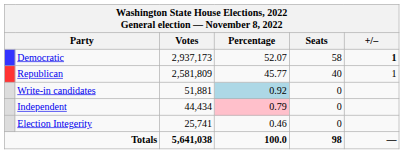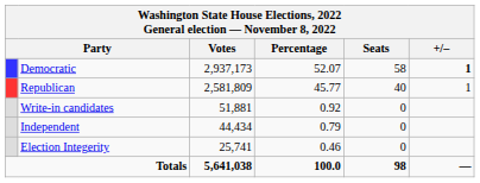 <table class="wikitable" style="font-size: 95%;">
 <tr>
 <th colspan="6">Washington State House Elections, 2022<br>General election — November 8, 2022</th>
 </tr>
 <tr>
 <th colspan="2" style="width: 15em">Party</th>
 <th style="width: 5em">Votes</th>
 <th style="width: 7em">Percentage</th>
 <th style="width: 5em">Seats</th>
 <th style="width: 5em">+/–</th>
 </tr>
 <tr>
 <th style="background-color:#3333FF; width: 3px"></th>
 <td style="width: 130px"><a href='#'>Democratic</a></td>
 <td align="right">2,937,173</td>
 <td align="right">52.07</td>
 <td align="right">58</td>
 <td align="right"><strong> 1</strong></td>
 </tr>
 <tr>
 <th style="background-color:#FF3333; width: 3px"></th>
 <td style="width: 130px"><a href='#'>Republican</a></td>
 <td align="right">2,581,809</td>
 <td align="right">45.77</td>
 <td align="right">40</td>
 <td align="right"> 1</td>
 </tr>
 <tr>
 <th style="background-color:#DDDDDD; width 3px"></th>
 <td style="width: 130px"><a href='#'>Write-in candidates</a></td>
 <td align="right">51,881</td>
-<td align="right" style="background: lightblue;">0.92</td>
+<td align="right">0.92</td>
 <td align="right">0</td>
 <td align="right"></td>
 </tr>
 <tr>
 <th style="background-color:#DDDDDD; width: 3px"></th>
 <td style="width: 130px"><a href='#'>Independent</a></td>
 <td align="right">44,434</td>
-<td align="right" style="background: pink;">0.79</td>
+<td align="right">0.79</td>
 <td align="right">0</td>
 <td align="right"></td>
 </tr>
 <tr>
 <th style="background-color:#DDDDDD; width: 3px"></th>
 <td style="width: 130px"><a href='#'>Election Integerity</a></td>
 <td align="right">25,741</td>
 <td align="right">0.46</td>
 <td align="right">0</td>
 <td align="right"></td>
 </tr>
 <tr>
 <td colspan="2" align="right"><strong>Totals</strong></td>
 <td align="right"><strong>5,641,038</strong></td>
 <td align="right"><strong>100.0</strong></td>
 <td align="right"><strong>98</strong></td>
 <td align="right"><strong>—</strong></td>
 </tr>
 </table>
